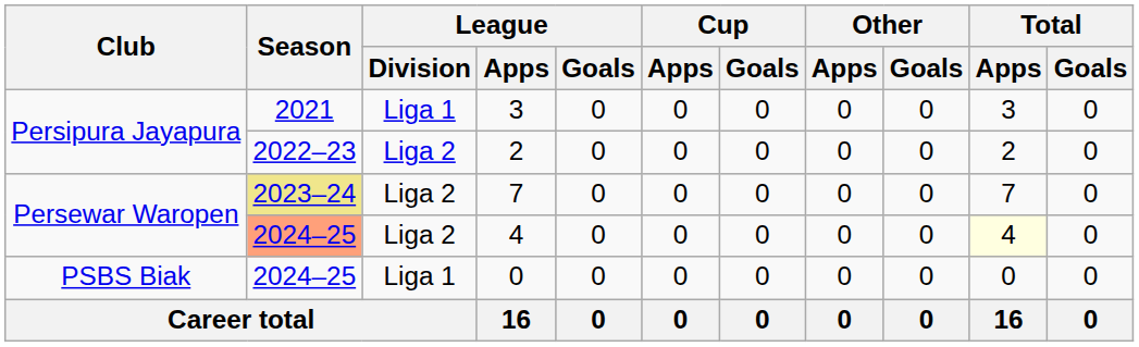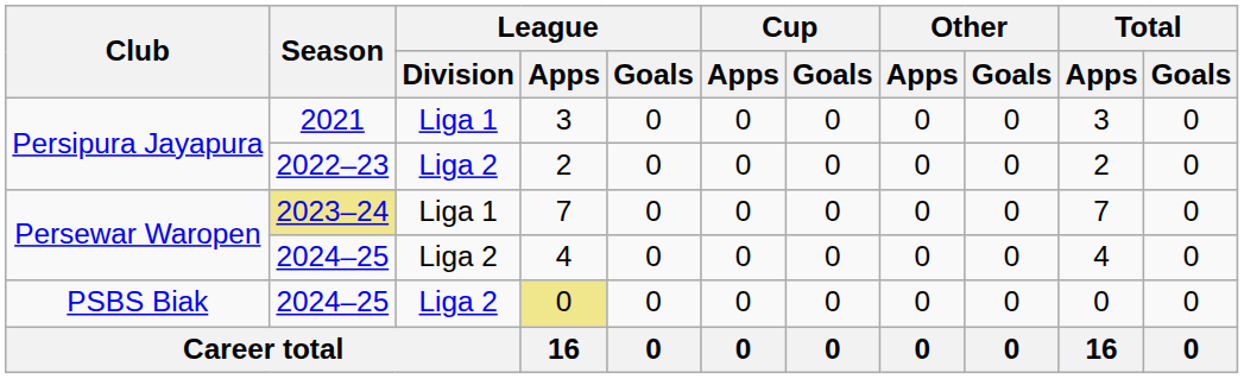 <table class="wikitable" style="text-align: center">
 <tr>
 <th rowspan="2">Club</th>
 <th rowspan="2">Season</th>
 <th colspan="3">League</th>
 <th colspan="2">Cup</th>
 <th colspan="2">Other</th>
 <th colspan="2">Total</th>
 </tr>
 <tr>
 <th>Division</th>
 <th>Apps</th>
 <th>Goals</th>
 <th>Apps</th>
 <th>Goals</th>
 <th>Apps</th>
 <th>Goals</th>
 <th>Apps</th>
 <th>Goals</th>
 </tr>
 <tr>
 <td rowspan="2"><a href='#'>Persipura Jayapura</a></td>
 <td><a href='#'>2021</a></td>
 <td rowspan="1" valign="center"><a href='#'>Liga 1</a></td>
 <td>3</td>
 <td>0</td>
 <td>0</td>
 <td>0</td>
 <td>0</td>
 <td>0</td>
 <td>3</td>
 <td>0</td>
 </tr>
 <tr>
 <td><a href='#'>2022–23</a></td>
 <td rowspan="1" valign="center"><a href='#'>Liga 2</a></td>
 <td>2</td>
 <td>0</td>
 <td>0</td>
 <td>0</td>
 <td>0</td>
 <td>0</td>
 <td>2</td>
 <td>0</td>
 </tr>
 <tr>
 <td rowspan="2"><a href='#'>Persewar Waropen</a></td>
 <td style="background: khaki;"><a href='#'>2023–24</a></td>
-<td rowspan="1" valign="center">Liga 2</td>
+<td rowspan="1">Liga 1</td>
 <td>7</td>
 <td>0</td>
 <td>0</td>
 <td>0</td>
 <td>0</td>
 <td>0</td>
 <td>7</td>
 <td>0</td>
 </tr>
 <tr>
-<td style="background: lightsalmon;"><a href='#'>2024–25</a></td>
+<td><a href='#'>2024–25</a></td>
 <td rowspan="1" valign="center">Liga 2</td>
 <td>4</td>
 <td>0</td>
 <td>0</td>
 <td>0</td>
 <td>0</td>
 <td>0</td>
-<td style="background: lightyellow;">4</td>
+<td>4</td>
 <td>0</td>
 </tr>
 <tr>
 <td rowspan="1"><a href='#'>PSBS Biak</a></td>
 <td><a href='#'>2024–25</a></td>
-<td rowspan="1">Liga 1</td>
-<td>0</td>
+<td rowspan="1" valign="center"><a href='#'>Liga 2</a></td>
+<td style="background: khaki;">0</td>
 <td>0</td>
 <td>0</td>
 <td>0</td>
 <td>0</td>
 <td>0</td>
 <td>0</td>
 <td>0</td>
 </tr>
 <tr>
 <th colspan=3>Career total</th>
 <th>16</th>
 <th>0</th>
 <th>0</th>
 <th>0</th>
 <th>0</th>
 <th>0</th>
 <th>16</th>
 <th>0</th>
 </tr>
 </table>
